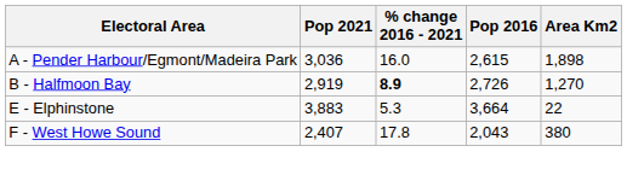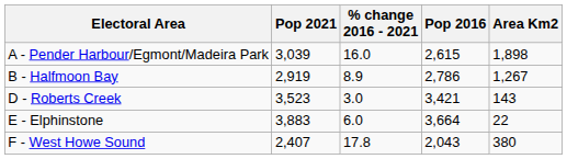 <table class="wikitable sortable">
 <tr>
 <th>Electoral Area</th>
 <th>Pop 2021</th>
 <th>% change<br>2016 -  2021</th>
 <th>Pop 2016</th>
 <th>Area Km2</th>
 </tr>
 <tr>
 <td>A - <a href='#'>Pender Harbour</a>/Egmont/Madeira Park</td>
-<td>3,036</td>
+<td>3,039</td>
 <td>16.0</td>
 <td>2,615</td>
 <td>1,898</td>
 </tr>
 <tr>
 <td>B - <a href='#'>Halfmoon Bay</a></td>
 <td>2,919</td>
-<td><strong>8.9</strong></td>
-<td>2,726</td>
-<td>1,270</td>
+<td>8.9</td>
+<td>2,786</td>
+<td>1,267</td>
+</tr>
+<tr>
+<td>D - <a href='#'>Roberts Creek</a></td>
+<td>3,523</td>
+<td>3.0</td>
+<td>3,421</td>
+<td>143</td>
 </tr>
 <tr>
 <td>E - Elphinstone</td>
 <td>3,883</td>
-<td>5.3</td>
+<td>6.0</td>
 <td>3,664</td>
 <td>22</td>
 </tr>
 <tr>
 <td>F - <a href='#'>West Howe Sound</a></td>
 <td>2,407</td>
 <td>17.8</td>
 <td>2,043</td>
 <td>380</td>
 </tr>
 </table>
